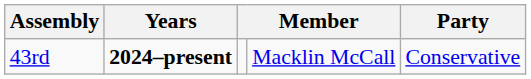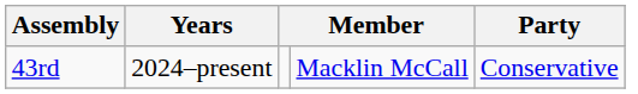 <table class="wikitable">
 <tr>
 <th>Assembly</th>
 <th>Years</th>
 <th colspan="2">Member</th>
 <th>Party</th>
 </tr>
 <tr>
 <td><a href='#'>43rd</a></td>
-<td><strong>2024–present</strong></td>
+<td>2024–present</td>
 <td></td>
 <td><a href='#'>Macklin McCall</a></td>
 <td><a href='#'>Conservative</a></td>
 </tr>
 </table>
